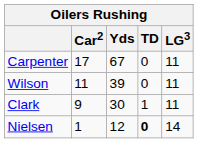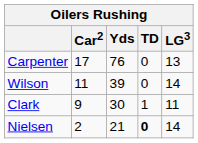 <table class="wikitable">
 <tr>
 <th colspan="5">Oilers Rushing</th>
 </tr>
 <tr>
 <th></th>
 <th>Car<sup>2</sup></th>
 <th>Yds</th>
 <th>TD</th>
 <th>LG<sup>3</sup></th>
 </tr>
 <tr>
 <td><a href='#'>Carpenter</a></td>
 <td>17</td>
-<td>67</td>
+<td>76</td>
 <td>0</td>
-<td>11</td>
+<td>13</td>
 </tr>
 <tr>
 <td><a href='#'>Wilson</a></td>
 <td>11</td>
 <td>39</td>
 <td>0</td>
-<td>11</td>
+<td>14</td>
 </tr>
 <tr>
 <td><a href='#'>Clark</a></td>
 <td>9</td>
 <td>30</td>
 <td>1</td>
 <td>11</td>
 </tr>
 <tr>
 <td><a href='#'>Nielsen</a></td>
-<td>1</td>
-<td>12</td>
+<td>2</td>
+<td>21</td>
 <td><strong>0</strong></td>
 <td>14</td>
 </tr>
 </table>
